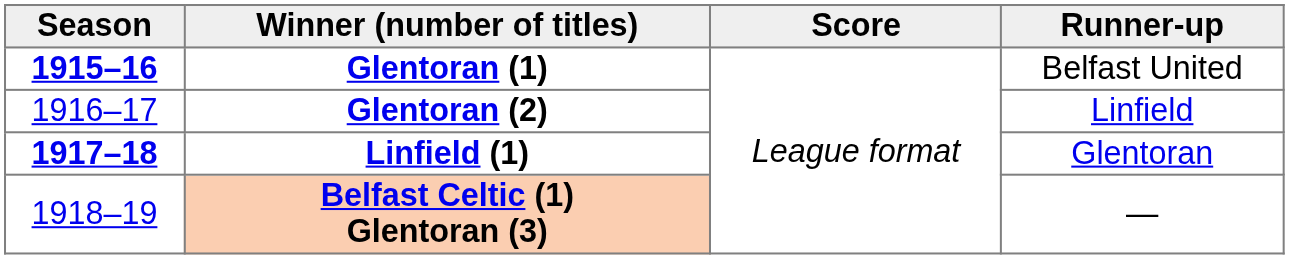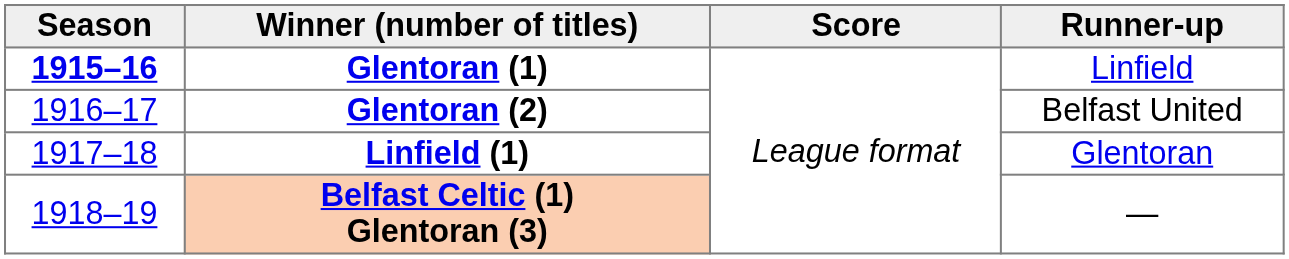 <table class="toccolours" border="1" style="border-collapse: collapse; width: 40%; margin: left;">
 <tr style="background: #efefef;">
 <th>Season</th>
 <th>Winner (number of titles)</th>
 <th>Score</th>
 <th>Runner-up</th>
 </tr>
 <tr align=center>
 <td><strong><a href='#'>1915–16</a></strong></td>
 <td><strong><a href='#'>Glentoran</a> (1)</strong></td>
 <td rowspan="4"><em>League format</em></td>
-<td>Belfast United</td>
+<td><a href='#'>Linfield</a></td>
 </tr>
 <tr align=center>
 <td><a href='#'>1916–17</a></td>
 <td><strong><a href='#'>Glentoran</a> (2)</strong></td>
-<td><a href='#'>Linfield</a></td>
+<td>Belfast United</td>
 </tr>
 <tr align=center>
-<td><strong><a href='#'>1917–18</a></strong></td>
+<td><a href='#'>1917–18</a></td>
 <td><strong><a href='#'>Linfield</a> (1)</strong></td>
 <td><a href='#'>Glentoran</a></td>
 </tr>
 <tr align=center>
 <td><a href='#'>1918–19</a></td>
 <td style="background:#FBCEB1;"><strong><a href='#'>Belfast Celtic</a> (1) <br>Glentoran (3)</strong></td>
 <td>—</td>
 </tr>
 </table>
